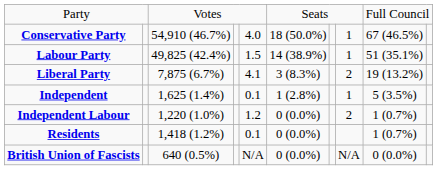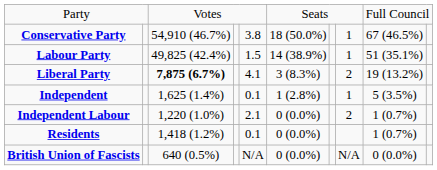 <table class=wikitable style="text-align:center;">
 <tr>
 <td colspan=2>Party</td>
 <td colspan=3>Votes</td>
 <td colspan=3>Seats</td>
 <td colspan=3>Full Council</td>
 </tr>
 <tr>
 <td><strong><a href='#'>Conservative Party</a></strong></td>
 <td style="background:"></td>
 <td>54,910 (46.7%)</td>
 <td></td>
-<td> 4.0</td>
+<td> 3.8</td>
 <td>18 (50.0%)</td>
 <td></td>
 <td> 1</td>
 <td>67 (46.5%)</td>
 <td></td>
 </tr>
 <tr>
 <td><strong><a href='#'>Labour Party</a></strong></td>
 <td style="background:"></td>
 <td>49,825 (42.4%)</td>
 <td></td>
 <td> 1.5</td>
 <td>14 (38.9%)</td>
 <td></td>
 <td> 1</td>
 <td>51 (35.1%)</td>
 <td></td>
 </tr>
 <tr>
 <td><strong><a href='#'>Liberal Party</a></strong></td>
 <td style="background:"></td>
-<td>7,875 (6.7%)</td>
+<td><strong>7,875 (6.7%)</strong></td>
 <td></td>
 <td> 4.1</td>
 <td>3 (8.3%)</td>
 <td></td>
 <td> 2</td>
 <td>19 (13.2%)</td>
 <td></td>
 </tr>
 <tr>
 <td><strong><a href='#'>Independent</a></strong></td>
 <td style="background:"></td>
 <td>1,625 (1.4%)</td>
 <td></td>
 <td> 0.1</td>
 <td>1 (2.8%)</td>
 <td></td>
 <td> 1</td>
 <td>5 (3.5%)</td>
 <td></td>
 </tr>
 <tr>
 <td><strong><a href='#'>Independent Labour</a></strong></td>
 <td style="background:"></td>
 <td>1,220 (1.0%)</td>
 <td></td>
-<td> 1.2</td>
+<td> 2.1</td>
 <td>0 (0.0%)</td>
 <td></td>
 <td> 2</td>
 <td>1 (0.7%)</td>
 <td></td>
 </tr>
 <tr>
 <td><strong><a href='#'>Residents</a></strong></td>
 <td style="background:"></td>
 <td>1,418 (1.2%)</td>
 <td></td>
 <td> 0.1</td>
 <td>0 (0.0%)</td>
 <td></td>
 <td></td>
 <td>1 (0.7%)</td>
 <td></td>
 </tr>
 <tr>
 <td><strong><a href='#'>British Union of Fascists</a></strong></td>
 <td style="background:"></td>
 <td>640 (0.5%)</td>
 <td></td>
 <td>N/A</td>
 <td>0 (0.0%)</td>
 <td></td>
 <td>N/A</td>
 <td>0 (0.0%)</td>
 <td></td>
 </tr>
 </table>
